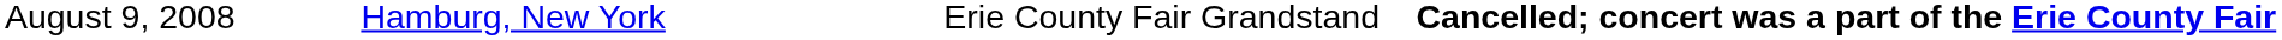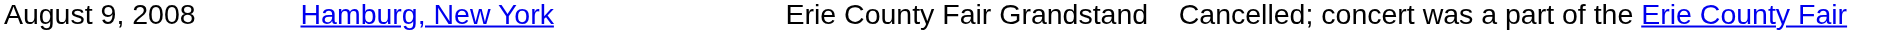 <table cellpadding="2" style="border: 0px solid darkgray; font-size:90%">
 <tr>
 <th width="150"></th>
 <th width="250"></th>
 <th width="200"></th>
 <th width="700"></th>
 </tr>
 <tr border="0">
 <td>August 9, 2008</td>
 <td><a href='#'>Hamburg, New York</a></td>
 <td>Erie County Fair Grandstand</td>
-<td><strong>Cancelled; concert was a part of the <a href='#'>Erie County Fair</a></strong></td>
+<td>Cancelled; concert was a part of the <a href='#'>Erie County Fair</a></td>
 </tr>
 <tr>
 </tr>
 </table>
